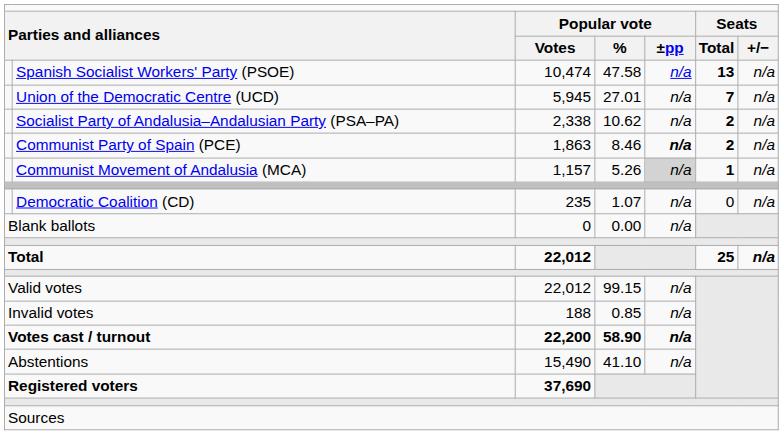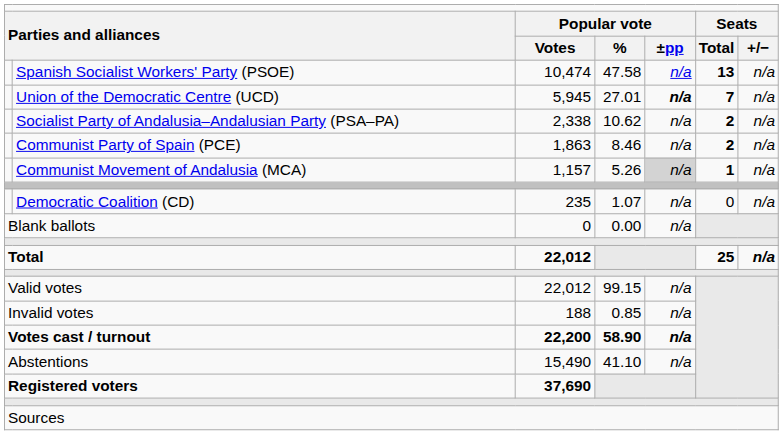 <table class="wikitable" style="text-align:right;">
 <tr>
 <td colspan="7"></td>
 </tr>
 <tr>
 <th style="text-align:left;" rowspan="2" colspan="2" width="525">Parties and alliances</th>
 <th colspan="3">Popular vote</th>
 <th colspan="2">Seats</th>
 </tr>
 <tr>
 <th width="75">Votes</th>
 <th width="45">%</th>
 <th width="45">±<a href='#'>pp</a></th>
 <th width="35">Total</th>
 <th width="35">+/−</th>
 </tr>
 <tr>
 <td width="1" style="color:inherit;background:"></td>
 <td align="left"><a href='#'>Spanish Socialist Workers' Party</a> (PSOE)</td>
 <td>10,474</td>
 <td>47.58</td>
 <td><em><a href='#'>n/a</a></em></td>
 <td><strong>13</strong></td>
 <td><em>n/a</em></td>
 </tr>
 <tr>
 <td style="color:inherit;background:"></td>
 <td align="left"><a href='#'>Union of the Democratic Centre</a> (UCD)</td>
 <td>5,945</td>
 <td>27.01</td>
-<td><em>n/a</em></td>
+<td><strong><em>n/a</em></strong></td>
 <td><strong>7</strong></td>
 <td><em>n/a</em></td>
 </tr>
 <tr>
 <td style="color:inherit;background:"></td>
 <td align="left"><a href='#'>Socialist Party of Andalusia–Andalusian Party</a> (PSA–PA)</td>
 <td>2,338</td>
 <td>10.62</td>
 <td><em>n/a</em></td>
 <td><strong>2</strong></td>
 <td><em>n/a</em></td>
 </tr>
 <tr>
 <td style="color:inherit;background:"></td>
 <td align="left"><a href='#'>Communist Party of Spain</a> (PCE)</td>
 <td>1,863</td>
 <td>8.46</td>
-<td><strong><em>n/a</em></strong></td>
+<td><em>n/a</em></td>
 <td><strong>2</strong></td>
 <td><em>n/a</em></td>
 </tr>
 <tr>
 <td style="color:inherit;background:"></td>
 <td align="left"><a href='#'>Communist Movement of Andalusia</a> (MCA)</td>
 <td>1,157</td>
 <td>5.26</td>
 <td style="background: lightgrey;"><em>n/a</em></td>
 <td><strong>1</strong></td>
 <td><em>n/a</em></td>
 </tr>
 <tr>
 <td colspan="7" bgcolor="#C0C0C0"></td>
 </tr>
 <tr>
 <td style="color:inherit;background:"></td>
 <td align="left"><a href='#'>Democratic Coalition</a> (CD)</td>
 <td>235</td>
 <td>1.07</td>
 <td><em>n/a</em></td>
 <td>0</td>
 <td><em>n/a</em></td>
 </tr>
 <tr>
 <td align="left" colspan="2">Blank ballots</td>
 <td>0</td>
 <td>0.00</td>
 <td><em>n/a</em></td>
 <td bgcolor="#E9E9E9" colspan="2"></td>
 </tr>
 <tr>
 <td colspan="7" bgcolor="#E9E9E9"></td>
 </tr>
 <tr style="font-weight:bold;">
 <td align="left" colspan="2">Total</td>
 <td>22,012</td>
 <td bgcolor="#E9E9E9" colspan="2"></td>
 <td>25</td>
 <td><em>n/a</em></td>
 </tr>
 <tr>
 <td colspan="7" bgcolor="#E9E9E9"></td>
 </tr>
 <tr>
 <td align="left" colspan="2">Valid votes</td>
 <td>22,012</td>
 <td>99.15</td>
 <td><em>n/a</em></td>
 <td bgcolor="#E9E9E9" colspan="2" rowspan="5"></td>
 </tr>
 <tr>
 <td align="left" colspan="2">Invalid votes</td>
 <td>188</td>
 <td>0.85</td>
 <td><em>n/a</em></td>
 </tr>
 <tr style="font-weight:bold;">
 <td align="left" colspan="2">Votes cast / turnout</td>
 <td>22,200</td>
 <td>58.90</td>
 <td><em>n/a</em></td>
 </tr>
 <tr>
 <td align="left" colspan="2">Abstentions</td>
 <td>15,490</td>
 <td>41.10</td>
 <td><em>n/a</em></td>
 </tr>
 <tr style="font-weight:bold;">
 <td align="left" colspan="2">Registered voters</td>
 <td>37,690</td>
 <td bgcolor="#E9E9E9" colspan="2"></td>
 </tr>
 <tr>
 <td colspan="7" bgcolor="#E9E9E9"></td>
 </tr>
 <tr>
 <td align="left" colspan="7">Sources</td>
 </tr>
 </table>
